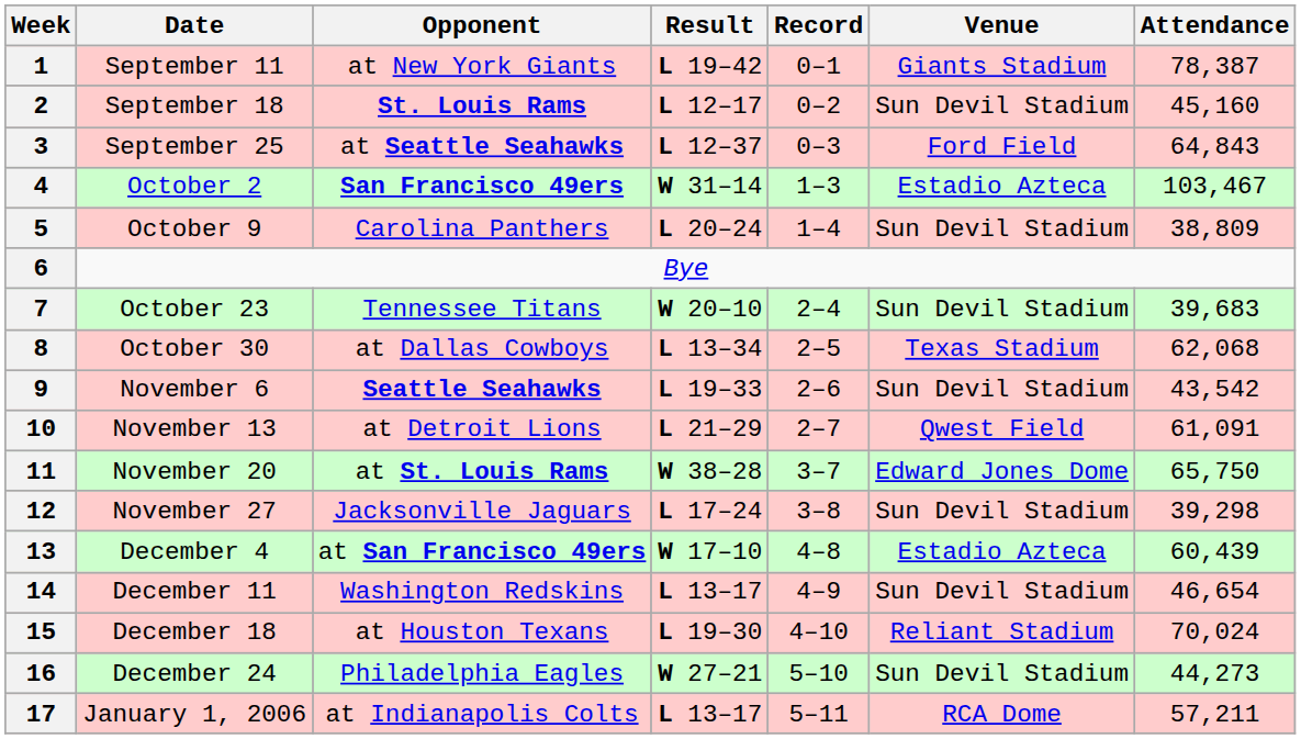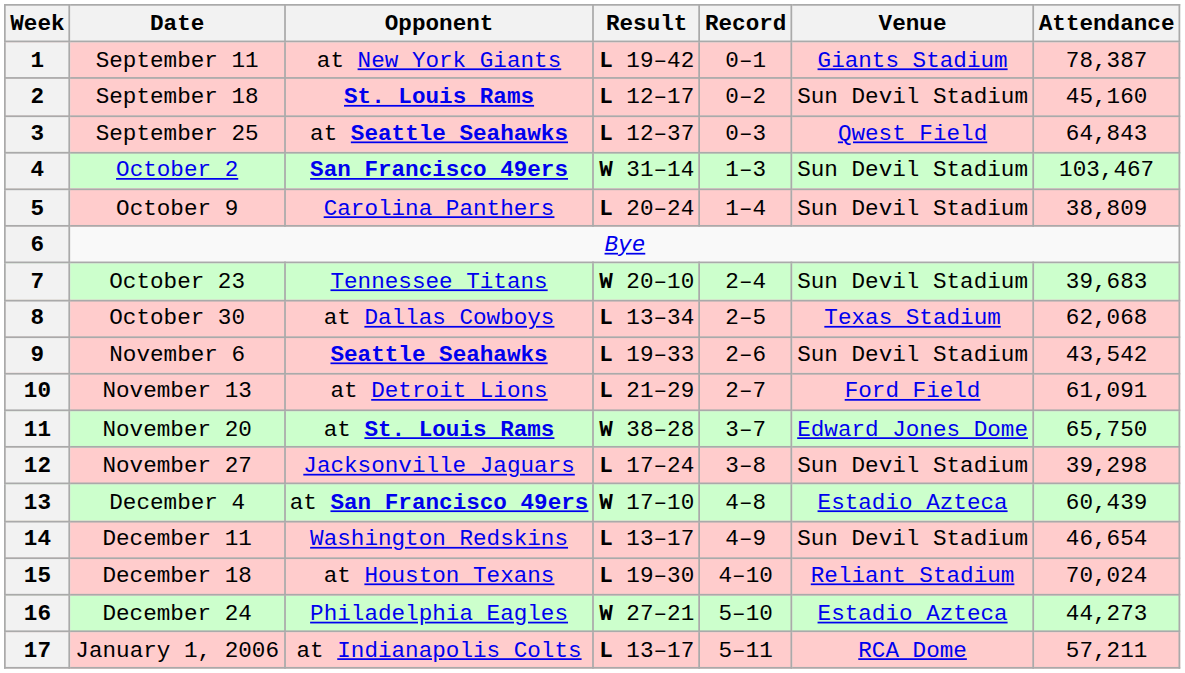 <table class="wikitable" style="text-align:center">
 <tr>
 <th>Week</th>
 <th>Date</th>
 <th>Opponent</th>
 <th>Result</th>
 <th>Record</th>
 <th>Venue</th>
 <th>Attendance</th>
 </tr>
 <tr style="background:#fcc">
 <th>1</th>
 <td>September 11</td>
 <td>at <a href='#'>New York Giants</a></td>
 <td><strong>L</strong> 19–42</td>
 <td>0–1</td>
 <td><a href='#'>Giants Stadium</a></td>
 <td>78,387</td>
 </tr>
 <tr style="background:#fcc">
 <th>2</th>
 <td>September 18</td>
 <td><strong><a href='#'>St. Louis Rams</a></strong></td>
 <td><strong>L</strong> 12–17</td>
 <td>0–2</td>
 <td>Sun Devil Stadium</td>
 <td>45,160</td>
 </tr>
 <tr style="background:#fcc">
 <th>3</th>
 <td>September 25</td>
 <td>at <strong><a href='#'>Seattle Seahawks</a></strong></td>
 <td><strong>L</strong> 12–37</td>
 <td>0–3</td>
-<td><a href='#'>Ford Field</a></td>
+<td><a href='#'>Qwest Field</a></td>
 <td>64,843</td>
 </tr>
 <tr style="background:#cfc">
 <th>4</th>
 <td><a href='#'>October 2</a></td>
 <td><strong><a href='#'>San Francisco 49ers</a></strong></td>
 <td><strong>W</strong> 31–14</td>
 <td>1–3</td>
-<td> <a href='#'>Estadio Azteca</a> </td>
+<td>Sun Devil Stadium</td>
 <td>103,467</td>
 </tr>
 <tr style="background:#fcc">
 <th>5</th>
 <td>October 9</td>
 <td><a href='#'>Carolina Panthers</a></td>
 <td><strong>L</strong> 20–24</td>
 <td>1–4</td>
 <td>Sun Devil Stadium</td>
 <td>38,809</td>
 </tr>
 <tr>
 <th>6</th>
 <td colspan="7"><em><a href='#'>Bye</a></em></td>
 </tr>
 <tr style="background:#cfc">
 <th>7</th>
 <td>October 23</td>
 <td><a href='#'>Tennessee Titans</a></td>
 <td><strong>W</strong> 20–10</td>
 <td>2–4</td>
 <td>Sun Devil Stadium</td>
 <td>39,683</td>
 </tr>
 <tr style="background:#fcc">
 <th>8</th>
 <td>October 30</td>
 <td>at <a href='#'>Dallas Cowboys</a></td>
 <td><strong>L</strong> 13–34</td>
 <td>2–5</td>
 <td><a href='#'>Texas Stadium</a></td>
 <td>62,068</td>
 </tr>
 <tr style="background:#fcc">
 <th>9</th>
 <td>November 6</td>
 <td><strong><a href='#'>Seattle Seahawks</a></strong></td>
 <td><strong>L</strong> 19–33</td>
 <td>2–6</td>
 <td>Sun Devil Stadium</td>
 <td>43,542</td>
 </tr>
 <tr style="background:#fcc">
 <th>10</th>
 <td>November 13</td>
 <td>at <a href='#'>Detroit Lions</a></td>
 <td><strong>L</strong> 21–29</td>
 <td>2–7</td>
-<td><a href='#'>Qwest Field</a></td>
+<td><a href='#'>Ford Field</a></td>
 <td>61,091</td>
 </tr>
 <tr style="background:#cfc">
 <th>11</th>
 <td>November 20</td>
 <td>at <strong><a href='#'>St. Louis Rams</a></strong></td>
 <td><strong>W</strong> 38–28</td>
 <td>3–7</td>
 <td><a href='#'>Edward Jones Dome</a></td>
 <td>65,750</td>
 </tr>
 <tr style="background:#fcc">
 <th>12</th>
 <td>November 27</td>
 <td><a href='#'>Jacksonville Jaguars</a></td>
 <td><strong>L</strong> 17–24</td>
 <td>3–8</td>
 <td>Sun Devil Stadium</td>
 <td>39,298</td>
 </tr>
 <tr style="background:#cfc">
 <th>13</th>
 <td>December 4</td>
 <td>at <strong><a href='#'>San Francisco 49ers</a></strong></td>
 <td><strong>W</strong> 17–10</td>
 <td>4–8</td>
 <td> <a href='#'>Estadio Azteca</a> </td>
 <td>60,439</td>
 </tr>
 <tr style="background:#fcc">
 <th>14</th>
 <td>December 11</td>
 <td><a href='#'>Washington Redskins</a></td>
 <td><strong>L</strong> 13–17</td>
 <td>4–9</td>
 <td>Sun Devil Stadium</td>
 <td>46,654</td>
 </tr>
 <tr style="background:#fcc">
 <th>15</th>
 <td>December 18</td>
 <td>at <a href='#'>Houston Texans</a></td>
 <td><strong>L</strong> 19–30</td>
 <td>4–10</td>
 <td><a href='#'>Reliant Stadium</a></td>
 <td>70,024</td>
 </tr>
 <tr style="background:#cfc">
 <th>16</th>
 <td>December 24</td>
 <td><a href='#'>Philadelphia Eagles</a></td>
 <td><strong>W</strong> 27–21</td>
 <td>5–10</td>
-<td>Sun Devil Stadium</td>
+<td> <a href='#'>Estadio Azteca</a> </td>
 <td>44,273</td>
 </tr>
 <tr style="background:#fcc">
 <th>17</th>
 <td>January 1, 2006</td>
 <td>at <a href='#'>Indianapolis Colts</a></td>
 <td><strong>L</strong> 13–17</td>
 <td>5–11</td>
 <td><a href='#'>RCA Dome</a></td>
 <td>57,211</td>
 </tr>
 </table>
